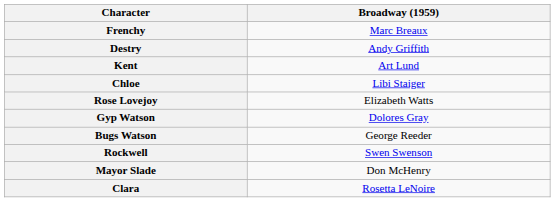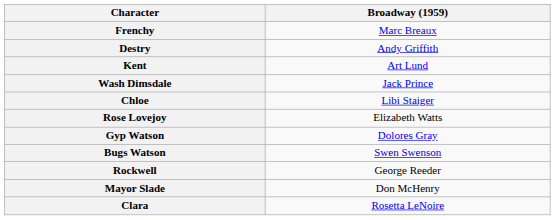 <table class="wikitable" style="width:50%; text-align:center">
 <tr>
 <th scope="col">Character</th>
 <th>Broadway (1959)</th>
 </tr>
 <tr>
 <th>Frenchy</th>
 <td colspan="1"><a href='#'>Marc Breaux</a></td>
 </tr>
 <tr>
 <th>Destry</th>
 <td colspan="1”"><a href='#'>Andy Griffith</a></td>
 </tr>
 <tr>
 <th>Kent</th>
 <td colspan="1”"><a href='#'>Art Lund</a></td>
 </tr>
 <tr>
+<th>Wash Dimsdale</th>
+<td colspan="1"><a href='#'>Jack Prince</a></td>
+</tr>
+<tr>
 <th>Chloe</th>
 <td colspan="1"><a href='#'>Libi Staiger</a></td>
 </tr>
 <tr>
 <th>Rose Lovejoy</th>
 <td colspan="1">Elizabeth Watts</td>
 </tr>
 <tr>
 <th>Gyp Watson</th>
 <td colspan="1"><a href='#'>Dolores Gray</a></td>
 </tr>
 <tr>
 <th>Bugs Watson</th>
-<td colspan="1">George Reeder</td>
+<td colspan="1"><a href='#'>Swen Swenson</a></td>
 </tr>
 <tr>
 <th>Rockwell</th>
-<td colspan="1"><a href='#'>Swen Swenson</a></td>
+<td colspan="1">George Reeder</td>
 </tr>
 <tr>
 <th>Mayor Slade</th>
 <td colspan="1">Don McHenry</td>
 </tr>
 <tr>
 <th>Clara</th>
 <td colspan="1"><a href='#'>Rosetta LeNoire</a></td>
 </tr>
 </table>
